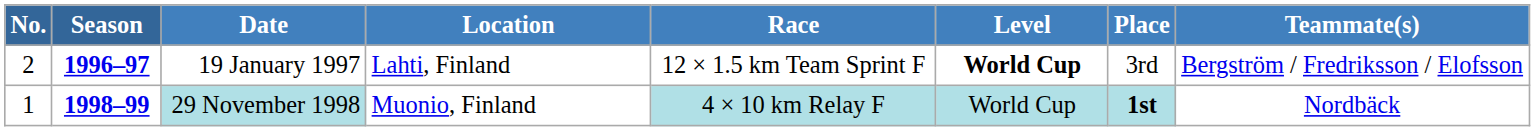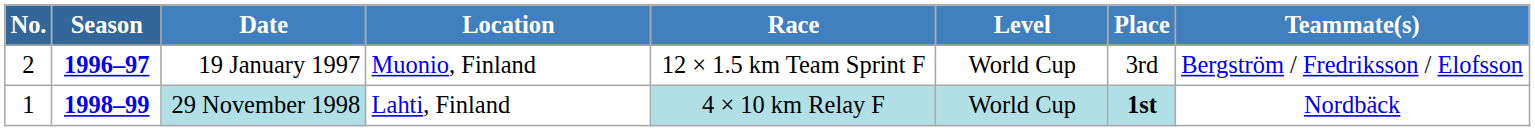 <table class="wikitable sortable" style="font-size:95%; text-align:center; border:grey solid 1px; border-collapse:collapse; background:#ffffff;">
 <tr style="background:#efefef;">
 <th style="background-color:#369; color:white;">No.</th>
 <th style="background-color:#369; color:white;">Season</th>
 <th style="background-color:#4180be; color:white; width:120px;">Date</th>
 <th style="background-color:#4180be; color:white; width:170px;">Location</th>
 <th style="background-color:#4180be; color:white; width:170px;">Race</th>
 <th style="background-color:#4180be; color:white; width:100px;">Level</th>
 <th style="background-color:#4180be; color:white;">Place</th>
 <th style="background-color:#4180be; color:white;">Teammate(s)</th>
 </tr>
 <tr>
 <td align=center>2</td>
 <td rowspan=1 align=center><strong> <a href='#'>1996–97</a> </strong></td>
 <td align=right>19 January 1997</td>
-<td align=left> <a href='#'>Lahti</a>, Finland</td>
+<td align=left> <a href='#'>Muonio</a>, Finland</td>
 <td>12 × 1.5 km Team Sprint F</td>
-<td><strong>World Cup</strong></td>
+<td>World Cup</td>
 <td>3rd</td>
 <td><a href='#'>Bergström</a> / <a href='#'>Fredriksson</a> / <a href='#'>Elofsson</a></td>
 </tr>
 <tr>
 <td align=center>1</td>
 <td rowspan=1 align=center><strong><a href='#'>1998–99</a></strong></td>
 <td bgcolor="#BOEOE6" align=right>29 November 1998</td>
-<td align=left> <a href='#'>Muonio</a>, Finland</td>
+<td align=left> <a href='#'>Lahti</a>, Finland</td>
 <td bgcolor="#BOEOE6">4 × 10 km Relay F</td>
 <td bgcolor="#BOEOE6">World Cup</td>
 <td bgcolor="#BOEOE6"><strong>1st</strong></td>
 <td><a href='#'>Nordbäck</a></td>
 </tr>
 </table>
